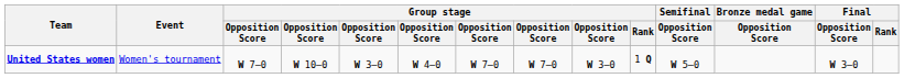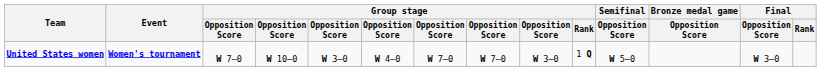 <table class=wikitable style=font-size:90%;text-align:center>
 <tr>
 <th rowspan=2>Team</th>
 <th rowspan=2>Event</th>
 <th colspan=8>Group stage</th>
 <th>Semifinal</th>
 <th>Bronze medal game</th>
 <th colspan=2>Final</th>
 </tr>
 <tr style=font-size:95%>
 <th>Opposition<br>Score</th>
 <th>Opposition<br>Score</th>
 <th>Opposition<br>Score</th>
 <th>Opposition<br>Score</th>
 <th>Opposition<br>Score</th>
 <th>Opposition<br>Score</th>
 <th>Opposition<br>Score</th>
 <th>Rank</th>
 <th>Opposition<br>Score</th>
 <th>Opposition<br>Score</th>
 <th>Opposition<br>Score</th>
 <th>Rank</th>
 </tr>
 <tr>
 <td align=left><strong><a href='#'>United States women</a></strong></td>
-<td align=left><a href='#'>Women's tournament</a></td>
+<td align=left><strong><a href='#'>Women's tournament</a></strong></td>
 <td><br><strong>W</strong> 7–0</td>
 <td><br><strong>W</strong> 10–0</td>
 <td><br><strong>W</strong> 3–0</td>
 <td><br><strong>W</strong> 4–0</td>
 <td><br><strong>W</strong> 7–0</td>
 <td><br><strong>W</strong> 7–0</td>
 <td><br><strong>W</strong> 3–0</td>
 <td>1 <strong>Q</strong></td>
 <td><br><strong>W</strong> 5–0</td>
 <td></td>
 <td><br><strong>W</strong> 3–0</td>
 <td></td>
 </tr>
 </table>
